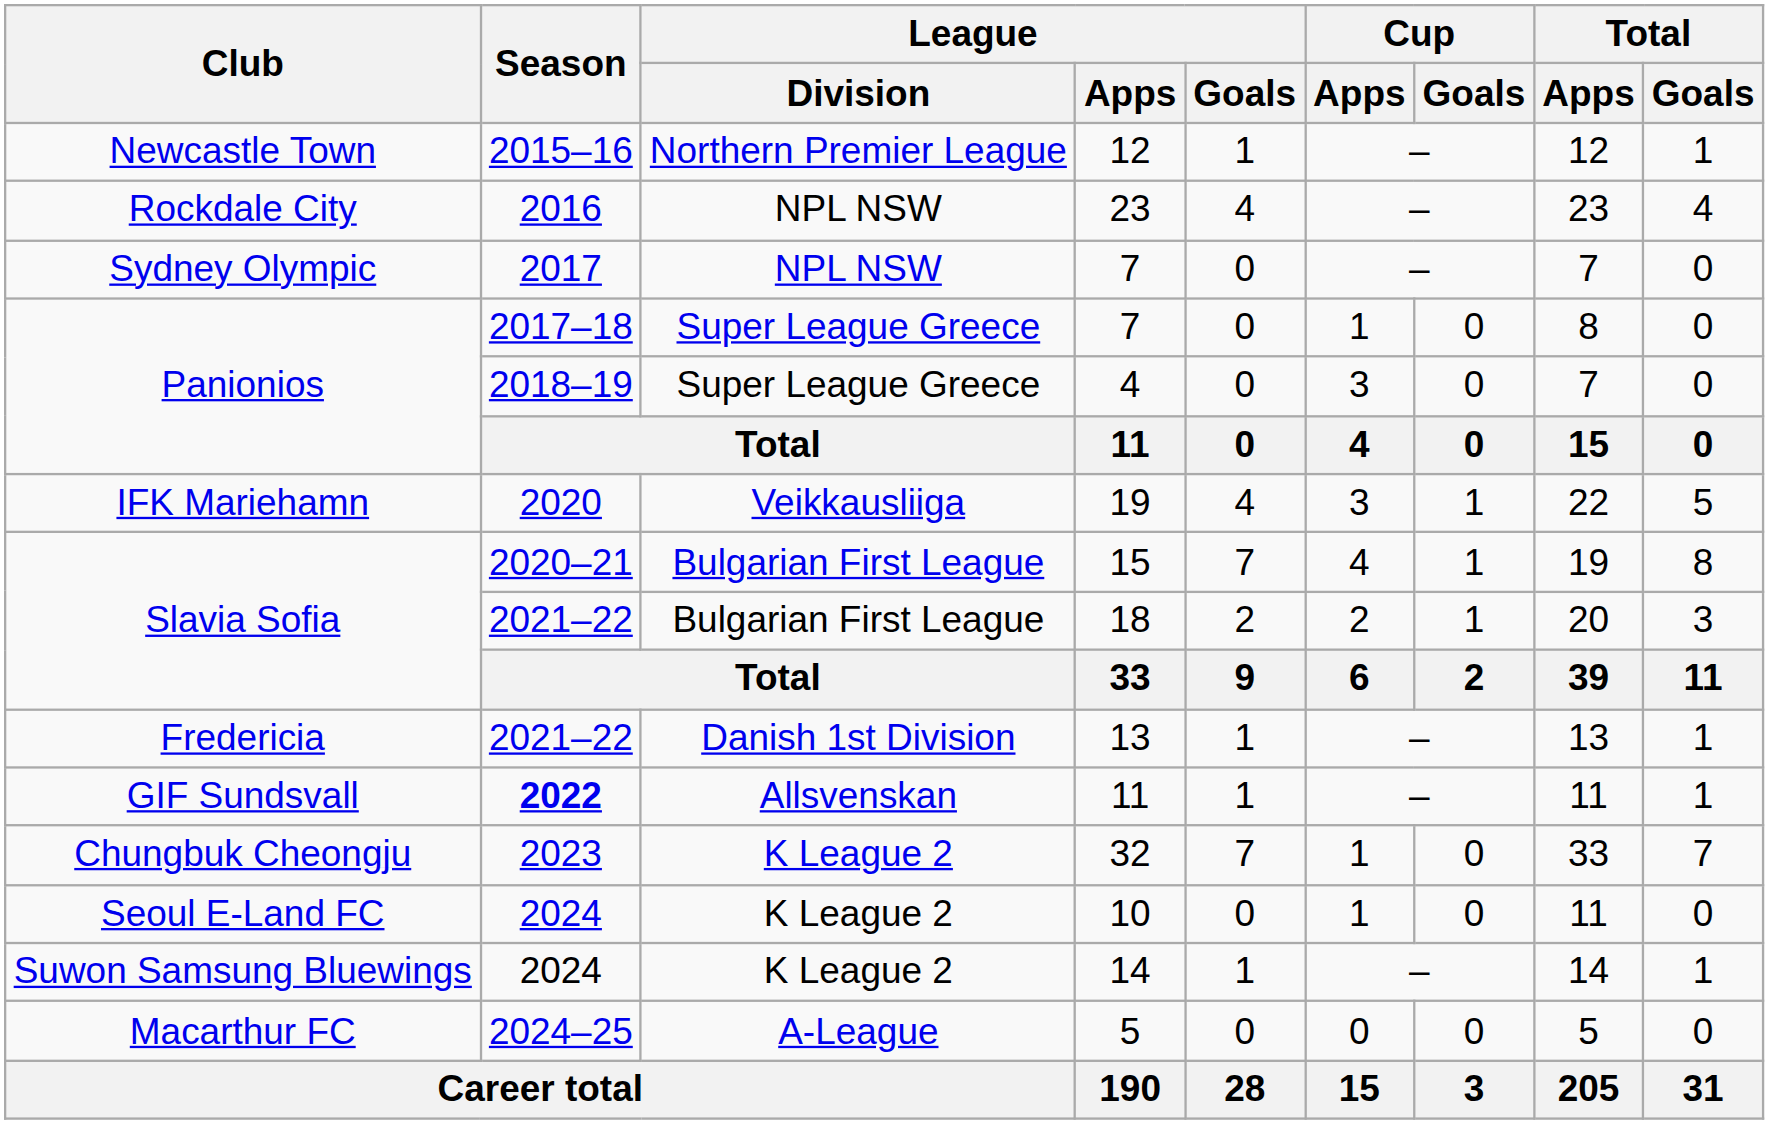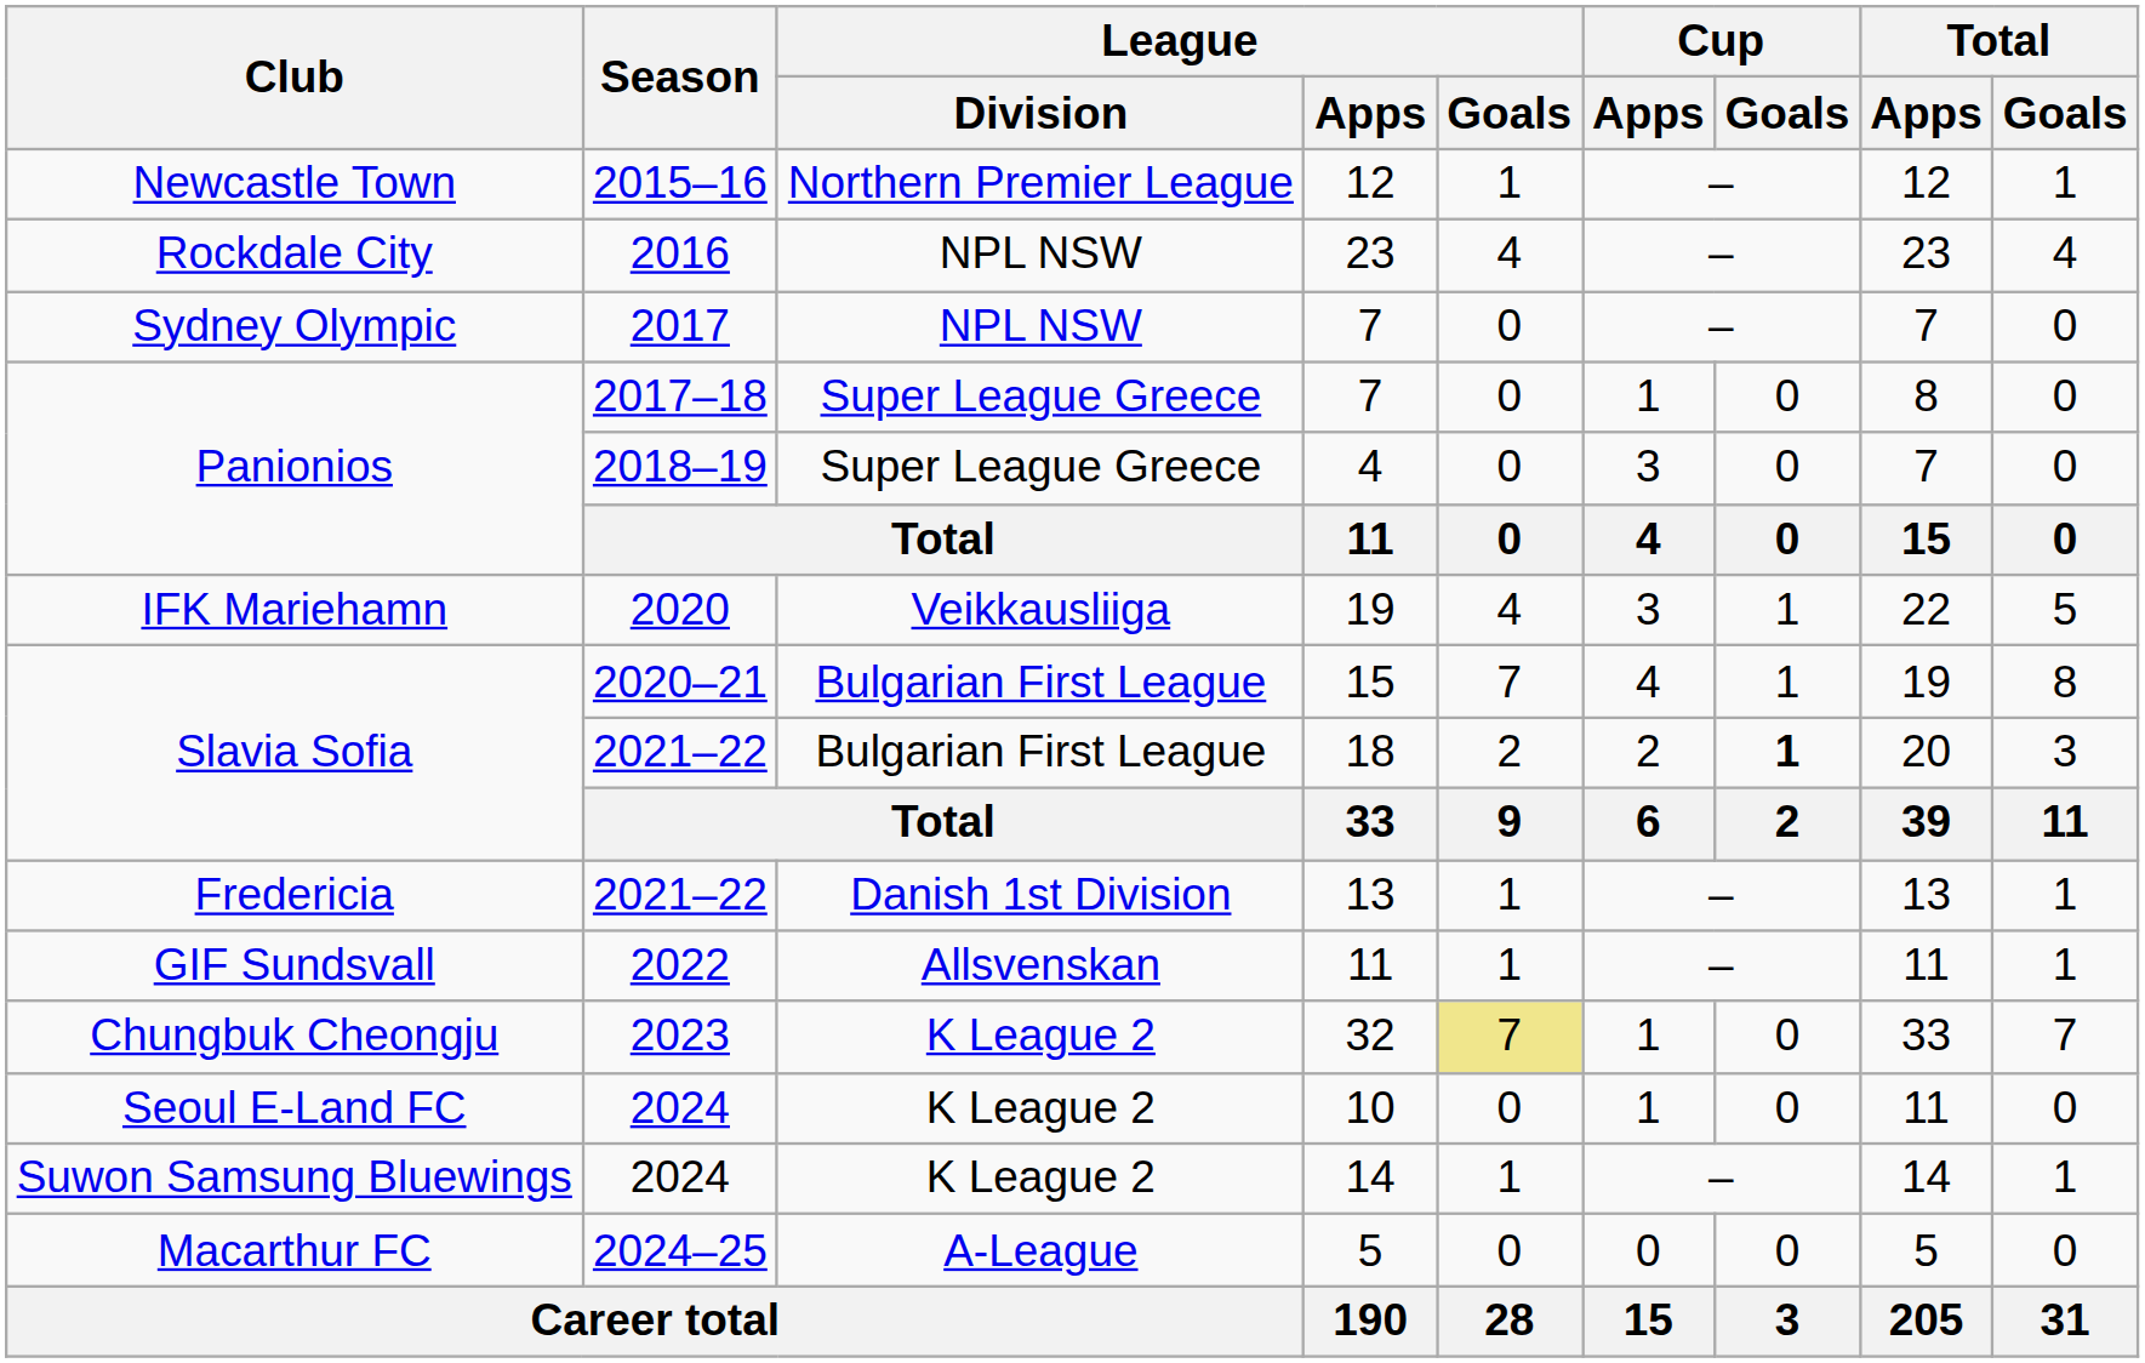 <table class="wikitable" style="text-align:center">
 <tr>
 <th rowspan="2">Club</th>
 <th rowspan="2">Season</th>
 <th colspan="3">League</th>
 <th colspan="2">Cup</th>
 <th colspan="2">Total</th>
 </tr>
 <tr>
 <th>Division</th>
 <th>Apps</th>
 <th>Goals</th>
 <th>Apps</th>
 <th>Goals</th>
 <th>Apps</th>
 <th>Goals</th>
 </tr>
 <tr>
 <td><a href='#'>Newcastle Town</a></td>
 <td><a href='#'>2015–16</a></td>
 <td><a href='#'>Northern Premier League</a></td>
 <td>12</td>
 <td>1</td>
 <td colspan=2>–</td>
 <td>12</td>
 <td>1</td>
 </tr>
 <tr>
 <td><a href='#'>Rockdale City</a></td>
 <td><a href='#'>2016</a></td>
 <td>NPL NSW</td>
 <td>23</td>
 <td>4</td>
 <td colspan=2>–</td>
 <td>23</td>
 <td>4</td>
 </tr>
 <tr>
 <td><a href='#'>Sydney Olympic</a></td>
 <td><a href='#'>2017</a></td>
 <td><a href='#'>NPL NSW</a></td>
 <td>7</td>
 <td>0</td>
 <td colspan=2>–</td>
 <td>7</td>
 <td>0</td>
 </tr>
 <tr>
 <td rowspan=3><a href='#'>Panionios</a></td>
 <td><a href='#'>2017–18</a></td>
 <td><a href='#'>Super League Greece</a></td>
 <td>7</td>
 <td>0</td>
 <td>1</td>
 <td>0</td>
 <td>8</td>
 <td>0</td>
 </tr>
 <tr>
 <td><a href='#'>2018–19</a></td>
 <td>Super League Greece</td>
 <td>4</td>
 <td>0</td>
 <td>3</td>
 <td>0</td>
 <td>7</td>
 <td>0</td>
 </tr>
 <tr>
 <th colspan=2>Total</th>
 <th>11</th>
 <th>0</th>
 <th>4</th>
 <th>0</th>
 <th>15</th>
 <th>0</th>
 </tr>
 <tr>
 <td><a href='#'>IFK Mariehamn</a></td>
 <td><a href='#'>2020</a></td>
 <td><a href='#'>Veikkausliiga</a></td>
 <td>19</td>
 <td>4</td>
 <td>3</td>
 <td>1</td>
 <td>22</td>
 <td>5</td>
 </tr>
 <tr>
 <td rowspan=3><a href='#'>Slavia Sofia</a></td>
 <td><a href='#'>2020–21</a></td>
 <td><a href='#'>Bulgarian First League</a></td>
 <td>15</td>
 <td>7</td>
 <td>4</td>
 <td>1</td>
 <td>19</td>
 <td>8</td>
 </tr>
 <tr>
 <td><a href='#'>2021–22</a></td>
 <td>Bulgarian First League</td>
 <td>18</td>
 <td>2</td>
 <td>2</td>
-<td>1</td>
+<td><strong>1</strong></td>
 <td>20</td>
 <td>3</td>
 </tr>
 <tr>
 <th colspan=2>Total</th>
 <th>33</th>
 <th>9</th>
 <th>6</th>
 <th>2</th>
 <th>39</th>
 <th>11</th>
 </tr>
 <tr>
 <td><a href='#'>Fredericia</a></td>
 <td><a href='#'>2021–22</a></td>
 <td><a href='#'>Danish 1st Division</a></td>
 <td>13</td>
 <td>1</td>
 <td colspan=2>–</td>
 <td>13</td>
 <td>1</td>
 </tr>
 <tr>
 <td><a href='#'>GIF Sundsvall</a></td>
-<td><strong><a href='#'>2022</a></strong></td>
+<td><a href='#'>2022</a></td>
 <td><a href='#'>Allsvenskan</a></td>
 <td>11</td>
 <td>1</td>
 <td colspan=2>–</td>
 <td>11</td>
 <td>1</td>
 </tr>
 <tr>
 <td><a href='#'>Chungbuk Cheongju</a></td>
 <td><a href='#'>2023</a></td>
 <td><a href='#'>K League 2</a></td>
 <td>32</td>
-<td>7</td>
+<td style="background: khaki;">7</td>
 <td>1</td>
 <td>0</td>
 <td>33</td>
 <td>7</td>
 </tr>
 <tr>
 <td><a href='#'>Seoul E-Land FC</a></td>
 <td><a href='#'>2024</a></td>
 <td>K League 2</td>
 <td>10</td>
 <td>0</td>
 <td>1</td>
 <td>0</td>
 <td>11</td>
 <td>0</td>
 </tr>
 <tr>
 <td><a href='#'>Suwon Samsung Bluewings</a></td>
 <td>2024</td>
 <td>K League 2</td>
 <td>14</td>
 <td>1</td>
 <td colspan=2>–</td>
 <td>14</td>
 <td>1</td>
 </tr>
 <tr>
 <td><a href='#'>Macarthur FC</a></td>
 <td><a href='#'>2024–25</a></td>
 <td><a href='#'>A-League</a></td>
 <td>5</td>
 <td>0</td>
 <td>0</td>
 <td>0</td>
 <td>5</td>
 <td>0</td>
 </tr>
 <tr>
 <th colspan="3">Career total</th>
 <th>190</th>
 <th>28</th>
 <th>15</th>
 <th>3</th>
 <th>205</th>
 <th>31</th>
 </tr>
 </table>
